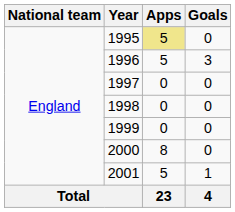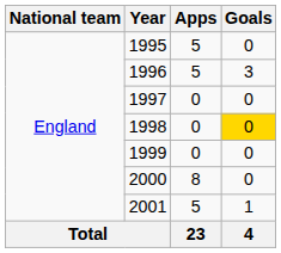 <table class="wikitable" style="text-align:center">
 <tr>
 <th>National team</th>
 <th>Year</th>
 <th>Apps</th>
 <th>Goals</th>
 </tr>
 <tr>
 <td rowspan="7"><a href='#'>England</a></td>
 <td>1995</td>
-<td style="background: khaki;">5</td>
+<td>5</td>
 <td>0</td>
 </tr>
 <tr>
 <td>1996</td>
 <td>5</td>
 <td>3</td>
 </tr>
 <tr>
 <td>1997</td>
 <td>0</td>
 <td>0</td>
 </tr>
 <tr>
 <td>1998</td>
 <td>0</td>
-<td>0</td>
+<td style="background: gold;">0</td>
 </tr>
 <tr>
 <td>1999</td>
 <td>0</td>
 <td>0</td>
 </tr>
 <tr>
 <td>2000</td>
 <td>8</td>
 <td>0</td>
 </tr>
 <tr>
 <td>2001</td>
 <td>5</td>
 <td>1</td>
 </tr>
 <tr>
 <th colspan="2">Total</th>
 <th>23</th>
 <th>4</th>
 </tr>
 </table>
